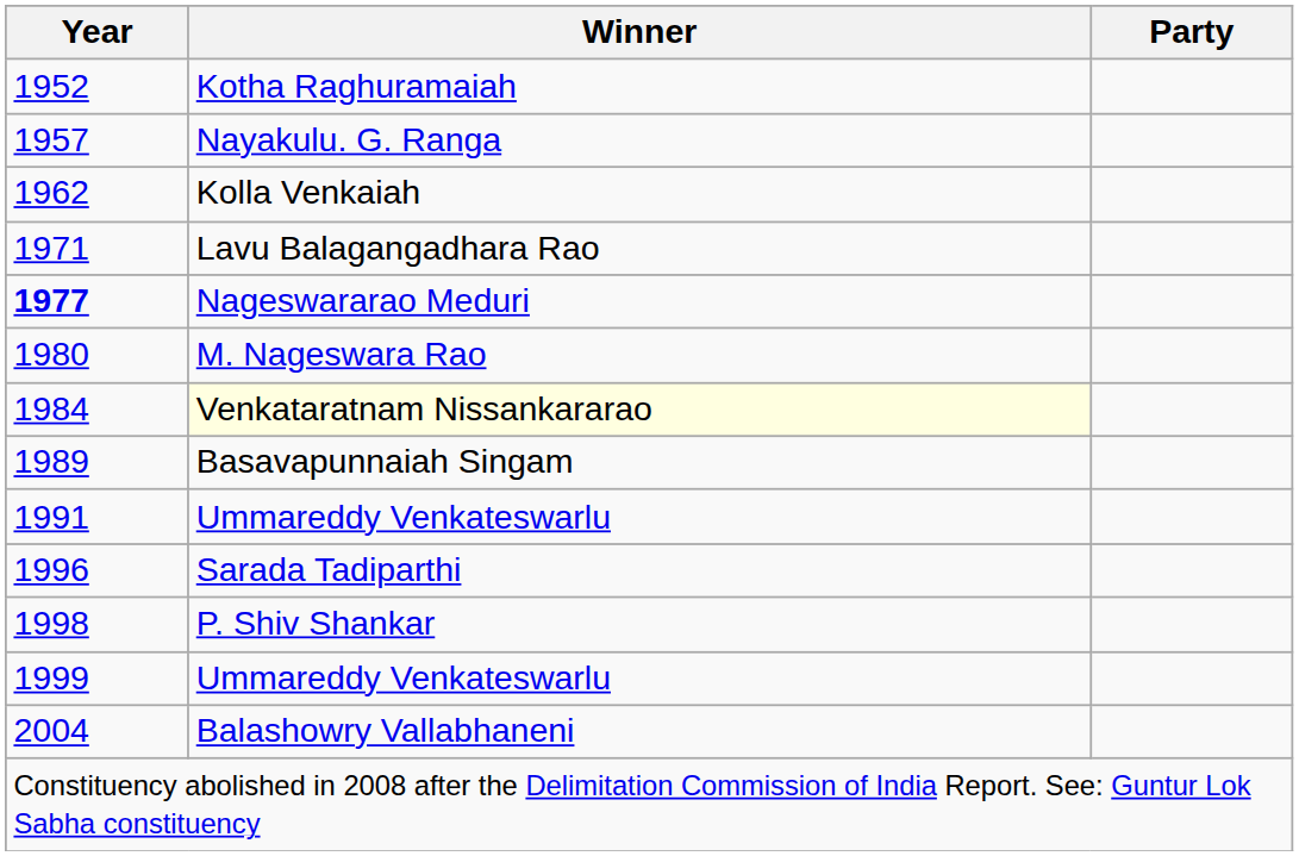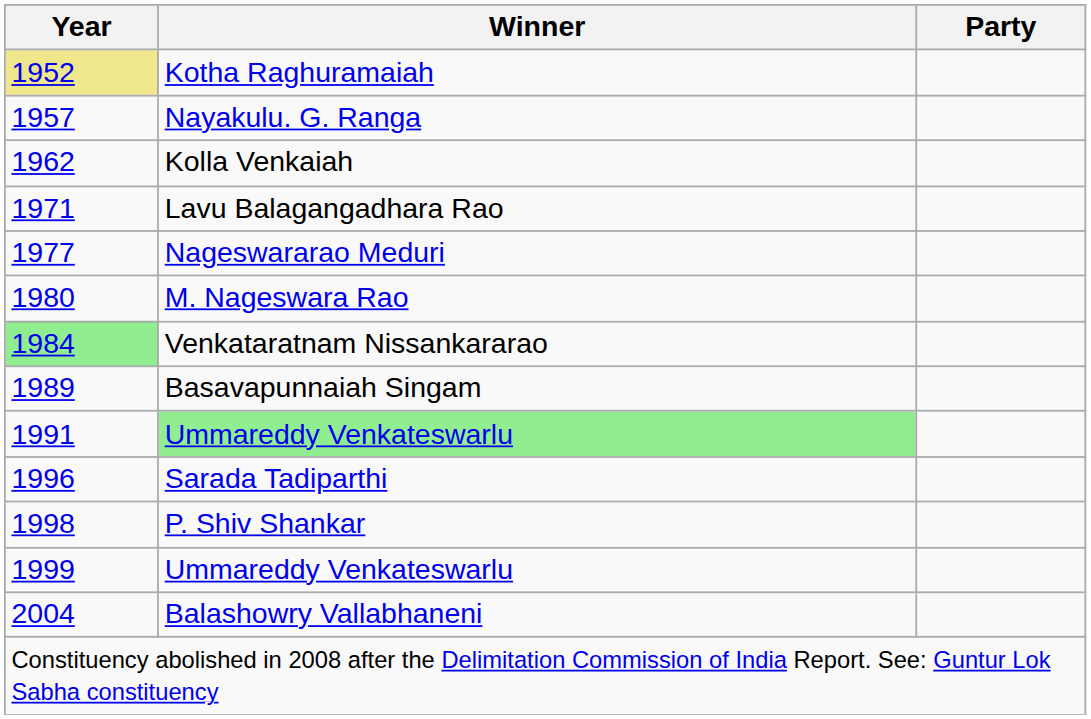 <table class="wikitable sortable">
 <tr>
 <th>Year</th>
 <th>Winner</th>
 <th colspan=2>Party</th>
 </tr>
 <tr>
-<td><a href='#'>1952</a></td>
+<td style="background: khaki;"><a href='#'>1952</a></td>
 <td><a href='#'>Kotha Raghuramaiah</a></td>
 <td></td>
 </tr>
 <tr>
 <td><a href='#'>1957</a></td>
 <td><a href='#'>Nayakulu. G. Ranga</a></td>
 <td></td>
 </tr>
 <tr>
 <td><a href='#'>1962</a></td>
 <td>Kolla Venkaiah</td>
 <td></td>
 </tr>
 <tr>
 <td><a href='#'>1971</a></td>
 <td>Lavu Balagangadhara Rao</td>
 <td></td>
 </tr>
 <tr>
-<td><strong><a href='#'>1977</a></strong></td>
+<td><a href='#'>1977</a></td>
 <td><a href='#'>Nageswararao Meduri</a></td>
 <td></td>
 </tr>
 <tr>
 <td><a href='#'>1980</a></td>
 <td><a href='#'>M. Nageswara Rao</a></td>
 <td></td>
 </tr>
 <tr>
-<td><a href='#'>1984</a></td>
-<td style="background: lightyellow;">Venkataratnam Nissankararao</td>
+<td style="background: lightgreen;"><a href='#'>1984</a></td>
+<td>Venkataratnam Nissankararao</td>
 <td></td>
 </tr>
 <tr>
 <td><a href='#'>1989</a></td>
 <td>Basavapunnaiah Singam</td>
 <td></td>
 </tr>
 <tr>
 <td><a href='#'>1991</a></td>
-<td><a href='#'>Ummareddy Venkateswarlu</a></td>
+<td style="background: lightgreen;"><a href='#'>Ummareddy Venkateswarlu</a></td>
 <td></td>
 </tr>
 <tr>
 <td><a href='#'>1996</a></td>
 <td><a href='#'>Sarada Tadiparthi</a></td>
 <td></td>
 </tr>
 <tr>
 <td><a href='#'>1998</a></td>
 <td><a href='#'>P. Shiv Shankar</a></td>
 <td></td>
 </tr>
 <tr>
 <td><a href='#'>1999</a></td>
 <td><a href='#'>Ummareddy Venkateswarlu</a></td>
 <td></td>
 </tr>
 <tr>
 <td><a href='#'>2004</a></td>
 <td><a href='#'>Balashowry Vallabhaneni</a></td>
 <td></td>
 </tr>
 <tr>
 <td colspan="4"><small>Constituency abolished in 2008 after the <a href='#'>Delimitation Commission of India</a> Report. See: <a href='#'>Guntur Lok Sabha constituency</a></small></td>
 </tr>
 </table>
